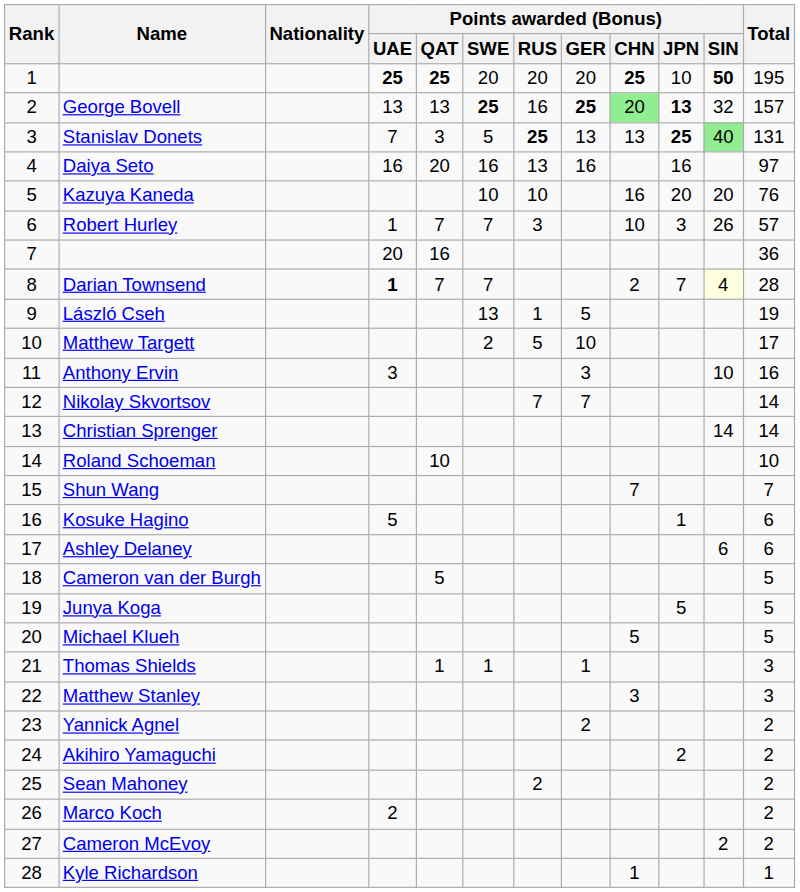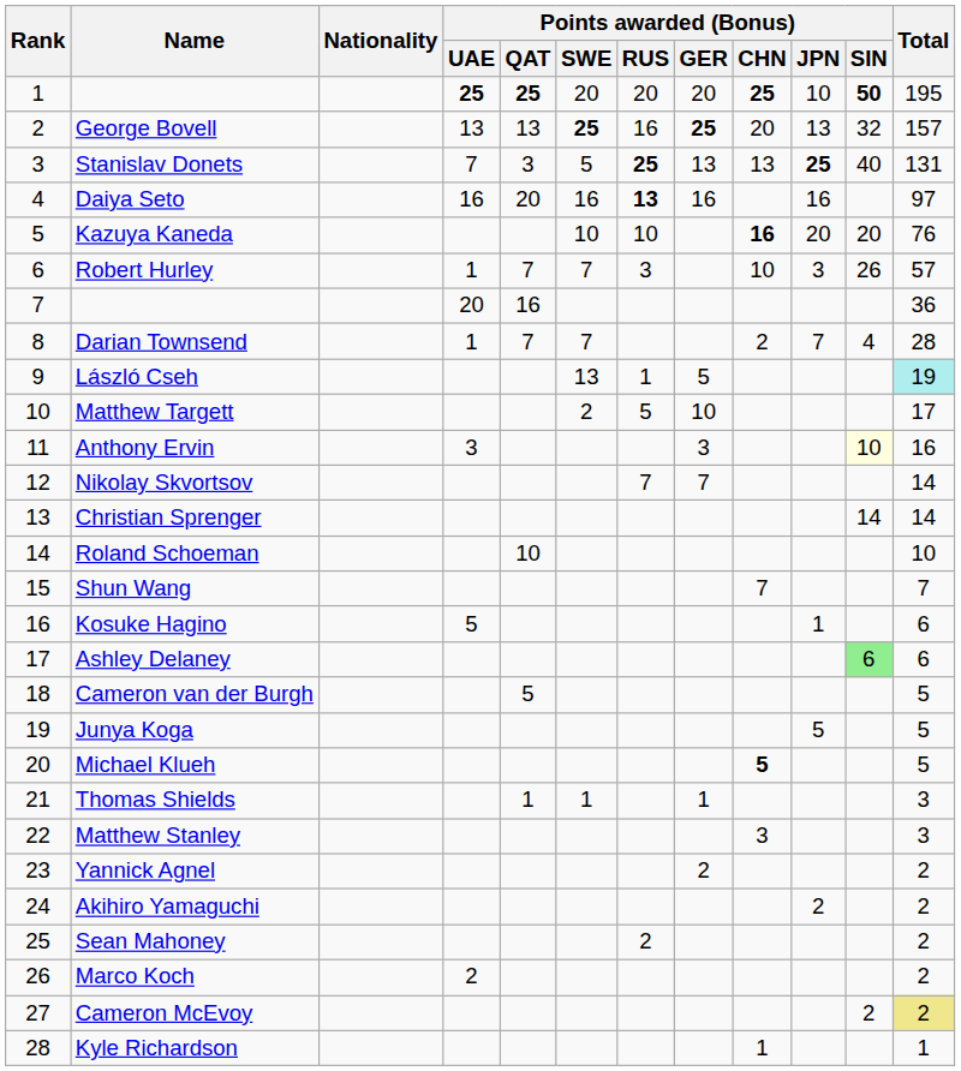 <table class="wikitable" style="text-align:center;">
 <tr>
 <th rowspan="2">Rank</th>
 <th rowspan="2">Name</th>
 <th rowspan="2">Nationality</th>
 <th colspan="8">Points awarded (Bonus)</th>
 <th rowspan="2">Total</th>
 </tr>
 <tr>
 <th>UAE</th>
 <th>QAT</th>
 <th>SWE</th>
 <th>RUS</th>
 <th>GER</th>
 <th>CHN</th>
 <th>JPN</th>
 <th>SIN</th>
 </tr>
 <tr>
 <td>1</td>
 <td style="text-align:left;"></td>
 <td style="text-align:left;"></td>
 <td><strong>25</strong></td>
 <td><strong>25</strong></td>
 <td>20</td>
 <td>20</td>
 <td>20</td>
 <td><strong>25</strong></td>
 <td>10</td>
 <td><strong>50</strong></td>
 <td>195</td>
 </tr>
 <tr>
 <td>2</td>
 <td style="text-align:left;"><a href='#'>George Bovell</a></td>
 <td style="text-align:left;"></td>
 <td>13</td>
 <td>13</td>
 <td><strong>25</strong></td>
 <td>16</td>
 <td><strong>25</strong></td>
-<td style="background: lightgreen;">20</td>
-<td><strong>13</strong></td>
+<td>20</td>
+<td>13</td>
 <td>32</td>
 <td>157</td>
 </tr>
 <tr>
 <td>3</td>
 <td style="text-align:left;"><a href='#'>Stanislav Donets</a></td>
 <td style="text-align:left;"></td>
 <td>7</td>
 <td>3</td>
 <td>5</td>
 <td><strong>25</strong></td>
 <td>13</td>
 <td>13</td>
 <td><strong>25</strong></td>
-<td style="background: lightgreen;">40</td>
+<td>40</td>
 <td>131</td>
 </tr>
 <tr>
 <td>4</td>
 <td style="text-align:left;"><a href='#'>Daiya Seto</a></td>
 <td style="text-align:left;"></td>
 <td>16</td>
 <td>20</td>
 <td>16</td>
-<td>13</td>
+<td><strong>13</strong></td>
 <td>16</td>
 <td></td>
 <td>16</td>
 <td></td>
 <td>97</td>
 </tr>
 <tr>
 <td>5</td>
 <td style="text-align:left;"><a href='#'>Kazuya Kaneda</a></td>
 <td style="text-align:left;"></td>
 <td></td>
 <td></td>
 <td>10</td>
 <td>10</td>
 <td></td>
-<td>16</td>
+<td><strong>16</strong></td>
 <td>20</td>
 <td>20</td>
 <td>76</td>
 </tr>
 <tr>
 <td>6</td>
 <td style="text-align:left;"><a href='#'>Robert Hurley</a></td>
 <td style="text-align:left;"></td>
 <td>1</td>
 <td>7</td>
 <td>7</td>
 <td>3</td>
 <td></td>
 <td>10</td>
 <td>3</td>
 <td>26</td>
 <td>57</td>
 </tr>
 <tr>
 <td>7</td>
 <td style="text-align:left;"></td>
 <td style="text-align:left;"></td>
 <td>20</td>
 <td>16</td>
 <td></td>
 <td></td>
 <td></td>
 <td></td>
 <td></td>
 <td></td>
 <td>36</td>
 </tr>
 <tr>
 <td>8</td>
 <td style="text-align:left;"><a href='#'>Darian Townsend</a></td>
 <td style="text-align:left;"></td>
-<td><strong>1</strong></td>
+<td>1</td>
 <td>7</td>
 <td>7</td>
 <td></td>
 <td></td>
 <td>2</td>
 <td>7</td>
-<td style="background: lightyellow;">4</td>
+<td>4</td>
 <td>28</td>
 </tr>
 <tr>
 <td>9</td>
 <td style="text-align:left;"><a href='#'>László Cseh</a></td>
 <td style="text-align:left;"></td>
 <td></td>
 <td></td>
 <td>13</td>
 <td>1</td>
 <td>5</td>
 <td></td>
 <td></td>
 <td></td>
-<td>19</td>
+<td style="background: paleturquoise;">19</td>
 </tr>
 <tr>
 <td>10</td>
 <td style="text-align:left;"><a href='#'>Matthew Targett</a></td>
 <td style="text-align:left;"></td>
 <td></td>
 <td></td>
 <td>2</td>
 <td>5</td>
 <td>10</td>
 <td></td>
 <td></td>
 <td></td>
 <td>17</td>
 </tr>
 <tr>
 <td>11</td>
 <td style="text-align:left;"><a href='#'>Anthony Ervin</a></td>
 <td style="text-align:left;"></td>
 <td>3</td>
 <td></td>
 <td></td>
 <td></td>
 <td>3</td>
 <td></td>
 <td></td>
-<td>10</td>
+<td style="background: lightyellow;">10</td>
 <td>16</td>
 </tr>
 <tr>
 <td>12</td>
 <td style="text-align:left;"><a href='#'>Nikolay Skvortsov</a></td>
 <td style="text-align:left;"></td>
 <td></td>
 <td></td>
 <td></td>
 <td>7</td>
 <td>7</td>
 <td></td>
 <td></td>
 <td></td>
 <td>14</td>
 </tr>
 <tr>
 <td>13</td>
 <td style="text-align:left;"><a href='#'>Christian Sprenger</a></td>
 <td style="text-align:left;"></td>
 <td></td>
 <td></td>
 <td></td>
 <td></td>
 <td></td>
 <td></td>
 <td></td>
 <td>14</td>
 <td>14</td>
 </tr>
 <tr>
 <td>14</td>
 <td style="text-align:left;"><a href='#'>Roland Schoeman</a></td>
 <td style="text-align:left;"></td>
 <td></td>
 <td>10</td>
 <td></td>
 <td></td>
 <td></td>
 <td></td>
 <td></td>
 <td></td>
 <td>10</td>
 </tr>
 <tr>
 <td>15</td>
 <td style="text-align:left;"><a href='#'>Shun Wang</a></td>
 <td style="text-align:left;"></td>
 <td></td>
 <td></td>
 <td></td>
 <td></td>
 <td></td>
 <td>7</td>
 <td></td>
 <td></td>
 <td>7</td>
 </tr>
 <tr>
 <td>16</td>
 <td style="text-align:left;"><a href='#'>Kosuke Hagino</a></td>
 <td style="text-align:left;"></td>
 <td>5</td>
 <td></td>
 <td></td>
 <td></td>
 <td></td>
 <td></td>
 <td>1</td>
 <td></td>
 <td>6</td>
 </tr>
 <tr>
 <td>17</td>
 <td style="text-align:left;"><a href='#'>Ashley Delaney</a></td>
 <td style="text-align:left;"></td>
 <td></td>
 <td></td>
 <td></td>
 <td></td>
 <td></td>
 <td></td>
 <td></td>
-<td>6</td>
+<td style="background: lightgreen;">6</td>
 <td>6</td>
 </tr>
 <tr>
 <td>18</td>
 <td style="text-align:left;"><a href='#'>Cameron van der Burgh</a></td>
 <td style="text-align:left;"></td>
 <td></td>
 <td>5</td>
 <td></td>
 <td></td>
 <td></td>
 <td></td>
 <td></td>
 <td></td>
 <td>5</td>
 </tr>
 <tr>
 <td>19</td>
 <td style="text-align:left;"><a href='#'>Junya Koga</a></td>
 <td style="text-align:left;"></td>
 <td></td>
 <td></td>
 <td></td>
 <td></td>
 <td></td>
 <td></td>
 <td>5</td>
 <td></td>
 <td>5</td>
 </tr>
 <tr>
 <td>20</td>
 <td style="text-align:left;"><a href='#'>Michael Klueh</a></td>
 <td style="text-align:left;"></td>
 <td></td>
 <td></td>
 <td></td>
 <td></td>
 <td></td>
-<td>5</td>
+<td><strong>5</strong></td>
 <td></td>
 <td></td>
 <td>5</td>
 </tr>
 <tr>
 <td>21</td>
 <td style="text-align:left;"><a href='#'>Thomas Shields</a></td>
 <td style="text-align:left;"></td>
 <td></td>
 <td>1</td>
 <td>1</td>
 <td></td>
 <td>1</td>
 <td></td>
 <td></td>
 <td></td>
 <td>3</td>
 </tr>
 <tr>
 <td>22</td>
 <td style="text-align:left;"><a href='#'>Matthew Stanley</a></td>
 <td style="text-align:left;"></td>
 <td></td>
 <td></td>
 <td></td>
 <td></td>
 <td></td>
 <td>3</td>
 <td></td>
 <td></td>
 <td>3</td>
 </tr>
 <tr>
 <td>23</td>
 <td style="text-align:left;"><a href='#'>Yannick Agnel</a></td>
 <td style="text-align:left;"></td>
 <td></td>
 <td></td>
 <td></td>
 <td></td>
 <td>2</td>
 <td></td>
 <td></td>
 <td></td>
 <td>2</td>
 </tr>
 <tr>
 <td>24</td>
 <td style="text-align:left;"><a href='#'>Akihiro Yamaguchi</a></td>
 <td style="text-align:left;"></td>
 <td></td>
 <td></td>
 <td></td>
 <td></td>
 <td></td>
 <td></td>
 <td>2</td>
 <td></td>
 <td>2</td>
 </tr>
 <tr>
 <td>25</td>
 <td style="text-align:left;"><a href='#'>Sean Mahoney</a></td>
 <td style="text-align:left;"></td>
 <td></td>
 <td></td>
 <td></td>
 <td>2</td>
 <td></td>
 <td></td>
 <td></td>
 <td></td>
 <td>2</td>
 </tr>
 <tr>
 <td>26</td>
 <td style="text-align:left;"><a href='#'>Marco Koch</a></td>
 <td style="text-align:left;"></td>
 <td>2</td>
 <td></td>
 <td></td>
 <td></td>
 <td></td>
 <td></td>
 <td></td>
 <td></td>
 <td>2</td>
 </tr>
 <tr>
 <td>27</td>
 <td style="text-align:left;"><a href='#'>Cameron McEvoy</a></td>
 <td style="text-align:left;"></td>
 <td></td>
 <td></td>
 <td></td>
 <td></td>
 <td></td>
 <td></td>
 <td></td>
 <td>2</td>
-<td>2</td>
+<td style="background: khaki;">2</td>
 </tr>
 <tr>
 <td>28</td>
 <td style="text-align:left;"><a href='#'>Kyle Richardson</a></td>
 <td style="text-align:left;"></td>
 <td></td>
 <td></td>
 <td></td>
 <td></td>
 <td></td>
 <td>1</td>
 <td></td>
 <td></td>
 <td>1</td>
 </tr>
 </table>
